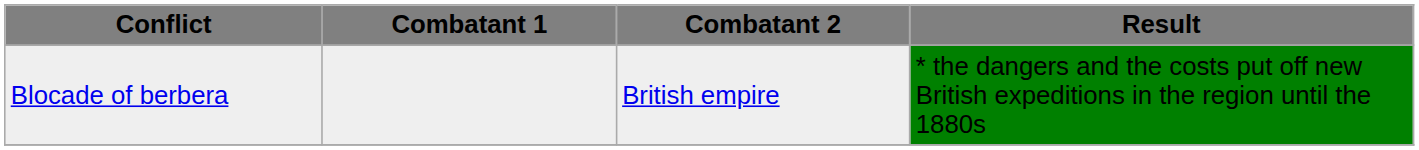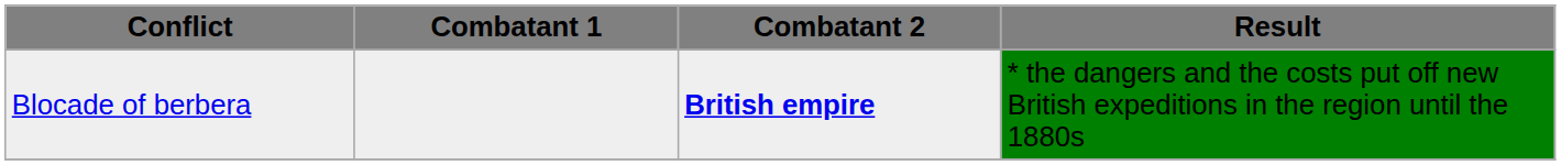 <table class="wikitable">
 <tr>
 <th style="background:grey" width="190"><span>Conflict</span></th>
 <th style="background:grey" width="175"><span>Combatant 1</span></th>
 <th style="background:grey" width="175"><span>Combatant 2</span></th>
 <th style="background:grey" width="305"><span>Result</span></th>
 </tr>
 <tr>
 <td style="background:#efefef"><a href='#'>Blocade of berbera</a></td>
 <td style="background:#efefef"><br></td>
-<td style="background:#efefef"><a href='#'>British empire</a></td>
+<td style="background:#efefef"><strong><a href='#'>British empire</a></strong></td>
 <td style="background:Green">* the dangers and the costs put off new British expeditions in the region until the 1880s</td>
 </tr>
 <tr>
 </tr>
 </table>
